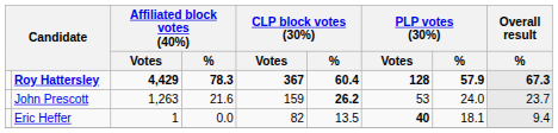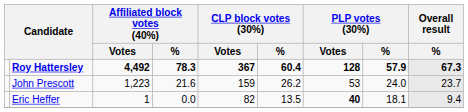 <table class="wikitable" style="font-size:95%;">
 <tr>
 <th colspan="2" scope="col" rowspan="2" width="125">Candidate</th>
 <th scope="col" colspan="2" width="150"><a href='#'>Affiliated block votes</a> <br> (40%)</th>
 <th scope="col" colspan="2" width="150"><a href='#'>CLP block votes</a> <br> (30%)</th>
 <th scope="col" colspan="2" width="150"><a href='#'>PLP votes</a> <br> (30%)</th>
 <th scope="col" colspan="2" width="75">Overall result</th>
 </tr>
 <tr>
 <th>Votes</th>
 <th>%</th>
 <th>Votes</th>
 <th>%</th>
 <th>Votes</th>
 <th>%</th>
 <th>%</th>
 </tr>
 <tr align="right">
 <td style="background-color: "></td>
 <td scope="row" align="left"><strong><a href='#'>Roy Hattersley</a></strong> </td>
-<td><strong>4,429</strong></td>
+<td><strong>4,492</strong></td>
 <td><strong>78.3</strong></td>
 <td><strong>367</strong></td>
 <td><strong>60.4</strong></td>
 <td><strong>128</strong></td>
 <td><strong>57.9</strong></td>
 <td style="background:#e9e9e9;"><strong>67.3</strong></td>
 </tr>
 <tr align="right">
 <td style="background-color: "></td>
 <td scope="row" align="left"><a href='#'>John Prescott</a></td>
-<td>1,263</td>
+<td>1,223</td>
 <td>21.6</td>
 <td>159</td>
-<td><strong>26.2</strong></td>
+<td>26.2</td>
 <td>53</td>
 <td>24.0</td>
 <td style="background:#e9e9e9;">23.7</td>
 </tr>
 <tr align="right">
 <td style="background-color: "></td>
 <td scope="row" align="left"><a href='#'>Eric Heffer</a></td>
 <td>1</td>
 <td>0.0</td>
 <td>82</td>
 <td>13.5</td>
 <td><strong>40</strong></td>
 <td>18.1</td>
 <td style="background:#e9e9e9;">9.4</td>
 </tr>
 <tr>
 </tr>
 </table>
